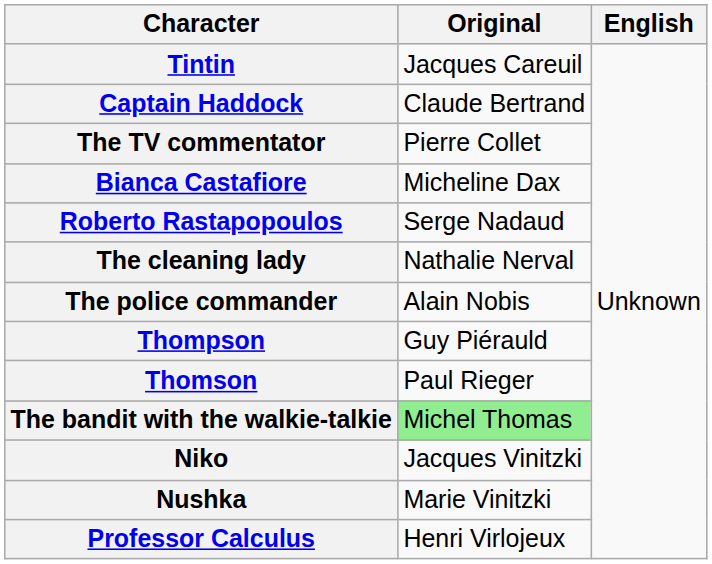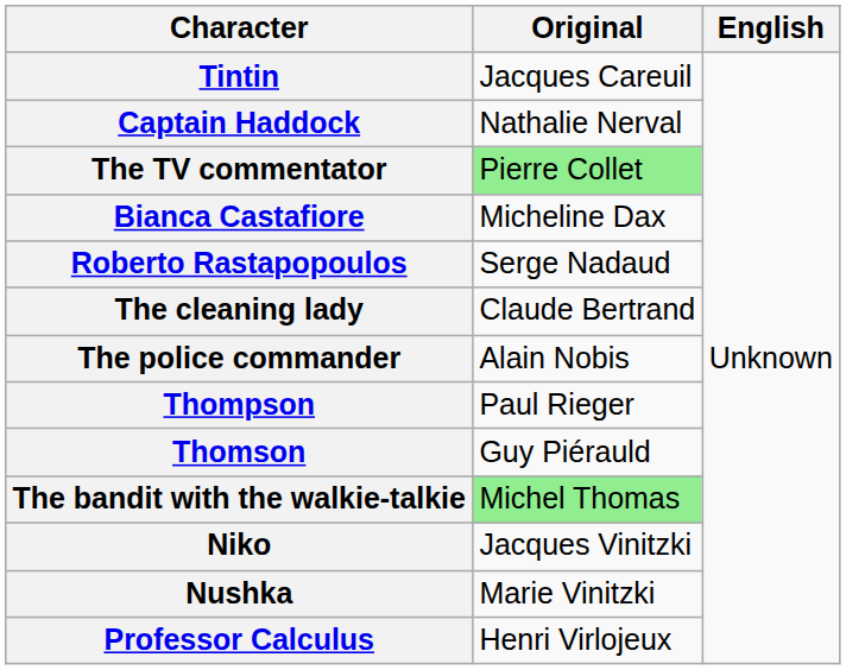 <table class="wikitable">
 <tr>
 <th>Character</th>
 <th>Original</th>
 <th>English</th>
 </tr>
 <tr>
 <th><a href='#'>Tintin</a></th>
 <td>Jacques Careuil</td>
 <td rowspan="13">Unknown</td>
 </tr>
 <tr>
 <th><a href='#'>Captain Haddock</a></th>
-<td>Claude Bertrand</td>
+<td>Nathalie Nerval</td>
 </tr>
 <tr>
 <th>The TV commentator</th>
-<td>Pierre Collet</td>
+<td style="background: lightgreen;">Pierre Collet</td>
 </tr>
 <tr>
 <th><a href='#'>Bianca Castafiore</a></th>
 <td>Micheline Dax</td>
 </tr>
 <tr>
 <th><a href='#'>Roberto Rastapopoulos</a></th>
 <td>Serge Nadaud</td>
 </tr>
 <tr>
 <th>The cleaning lady</th>
-<td>Nathalie Nerval</td>
+<td>Claude Bertrand</td>
 </tr>
 <tr>
 <th>The police commander</th>
 <td>Alain Nobis</td>
 </tr>
 <tr>
 <th><a href='#'>Thompson</a></th>
-<td>Guy Piérauld</td>
+<td>Paul Rieger</td>
 </tr>
 <tr>
 <th><a href='#'>Thomson</a></th>
-<td>Paul Rieger</td>
+<td>Guy Piérauld</td>
 </tr>
 <tr>
 <th>The bandit with the walkie-talkie</th>
 <td style="background: lightgreen;">Michel Thomas</td>
 </tr>
 <tr>
 <th>Niko</th>
 <td>Jacques Vinitzki</td>
 </tr>
 <tr>
 <th>Nushka</th>
 <td>Marie Vinitzki</td>
 </tr>
 <tr>
 <th><a href='#'>Professor Calculus</a></th>
 <td>Henri Virlojeux</td>
 </tr>
 </table>
